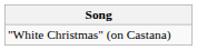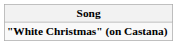 <table class="wikitable">
 <tr>
 <th style="width:230px; text-align:center;">Song</th>
 </tr>
 <tr>
-<td>"White Christmas" (on Castana)</td>
+<td><strong>"White Christmas" (on Castana)</strong></td>
 </tr>
 </table>
